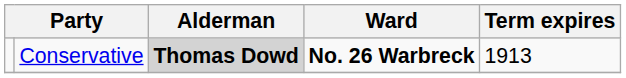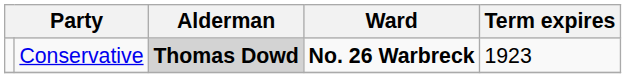 <table class="wikitable">
 <tr>
 <th colspan="2">Party</th>
 <th>Alderman</th>
 <th>Ward</th>
 <th>Term expires</th>
 </tr>
 <tr>
 <td style="background-color:"></td>
 <td><a href='#'>Conservative</a></td>
 <td style="background: lightgrey;"><strong>Thomas Dowd</strong></td>
 <td><strong>No. 26 Warbreck</strong></td>
-<td>1913</td>
+<td>1923</td>
 </tr>
 <tr>
 </tr>
 </table>
